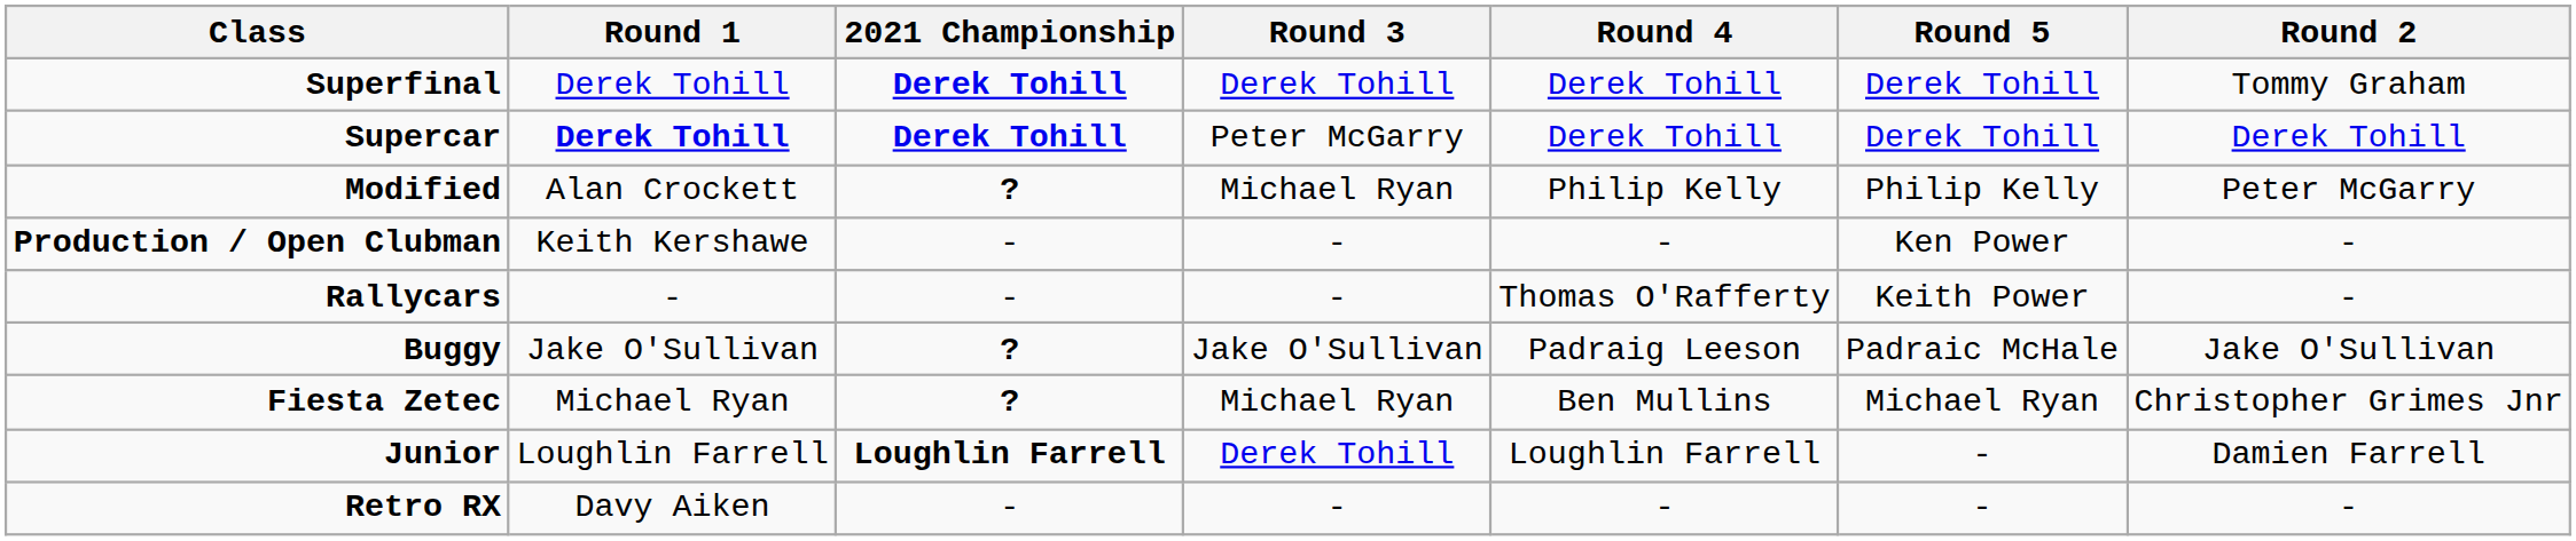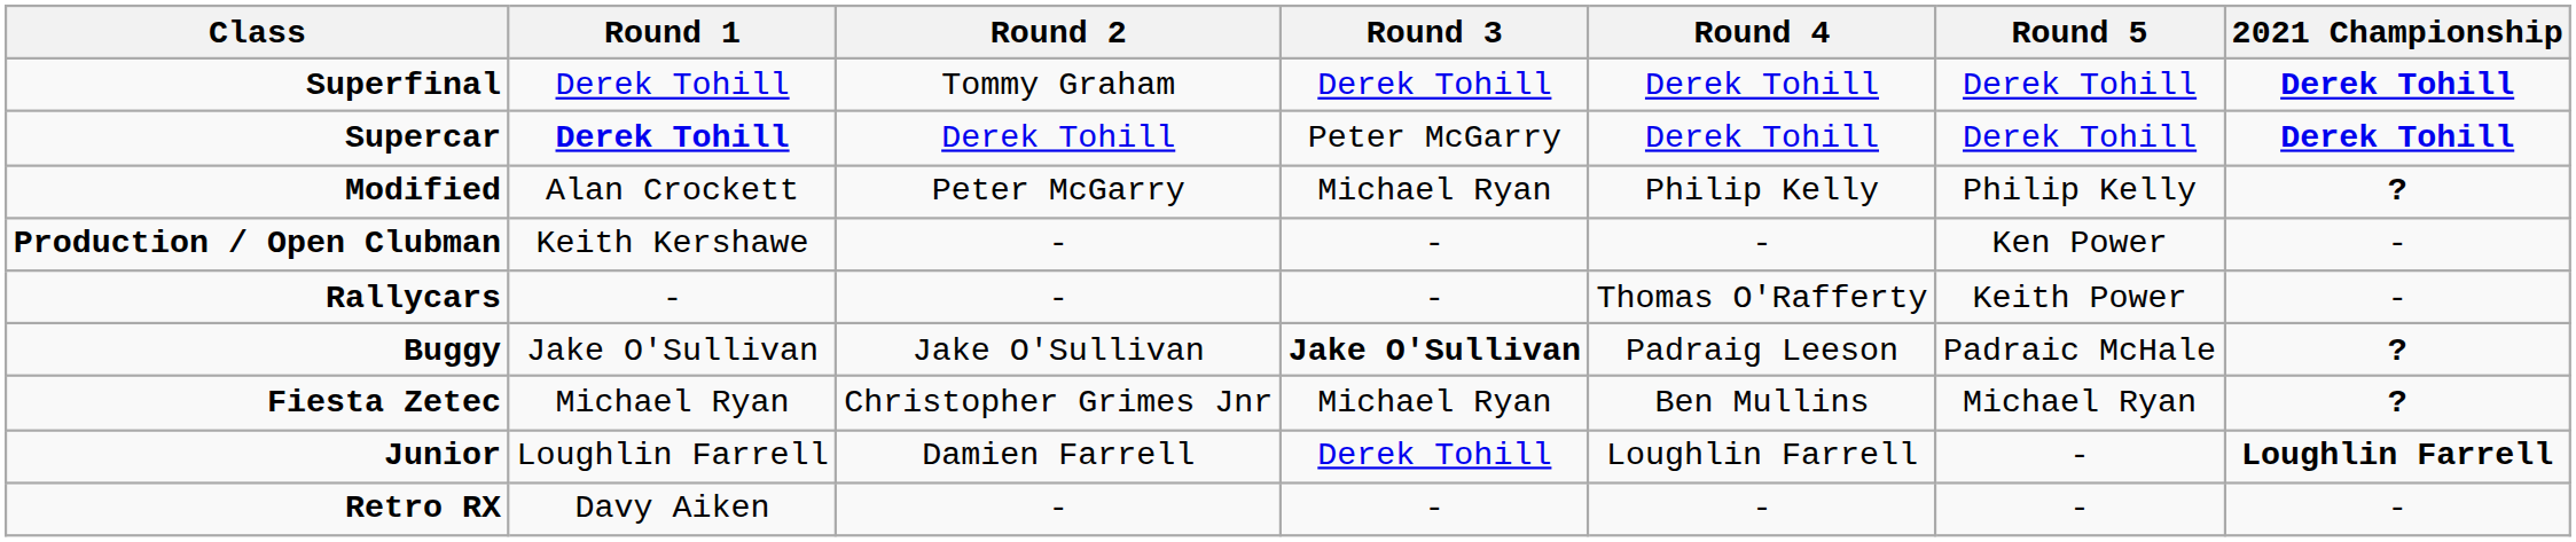 <table class="wikitable" style="text–align:centre">
 <tr>
 <th>Class</th>
 <th>Round 1</th>
-<th>2021 Championship</th>
+<th>Round 2</th>
 <th>Round 3</th>
 <th>Round 4</th>
 <th>Round 5</th>
-<th>Round 2</th>
+<th>2021 Championship</th>
 </tr>
 <tr>
 <td align="right"><strong>Superfinal</strong></td>
 <td align="center"><a href='#'>Derek Tohill</a></td>
-<td align="center"><strong><a href='#'>Derek Tohill</a></strong></td>
+<td align="center">Tommy Graham</td>
 <td align="center"><a href='#'>Derek Tohill</a></td>
 <td align="center"><a href='#'>Derek Tohill</a></td>
 <td align="center"><a href='#'>Derek Tohill</a></td>
-<td align="center">Tommy Graham</td>
+<td align="center"><strong><a href='#'>Derek Tohill</a></strong></td>
 </tr>
 <tr>
 <td align="right"><strong>Supercar</strong></td>
 <td align="center"><strong><a href='#'>Derek Tohill</a></strong></td>
-<td align="center"><strong><a href='#'>Derek Tohill</a></strong></td>
+<td align="center"><a href='#'>Derek Tohill</a></td>
 <td align="center">Peter McGarry</td>
 <td align="center"><a href='#'>Derek Tohill</a></td>
 <td align="center"><a href='#'>Derek Tohill</a></td>
-<td align="center"><a href='#'>Derek Tohill</a></td>
+<td align="center"><strong><a href='#'>Derek Tohill</a></strong></td>
 </tr>
 <tr>
 <td align="right"><strong>Modified</strong></td>
 <td align="center">Alan Crockett</td>
-<td align="center"><strong>?</strong></td>
+<td align="center">Peter McGarry</td>
 <td align="center">Michael Ryan</td>
 <td align="center">Philip Kelly</td>
 <td align="center">Philip Kelly</td>
-<td align="center">Peter McGarry</td>
+<td align="center"><strong>?</strong></td>
 </tr>
 <tr>
 <td align="right"><strong>Production / Open Clubman</strong></td>
 <td align="center">Keith Kershawe</td>
 <td align="center">-</td>
 <td align="center">-</td>
 <td align="center">-</td>
 <td align="center">Ken Power</td>
 <td align="center">-</td>
 </tr>
 <tr>
 <td align="right"><strong>Rallycars</strong></td>
 <td align="center">-</td>
 <td align="center">-</td>
 <td align="center">-</td>
 <td align="center">Thomas O'Rafferty</td>
 <td align="center">Keith Power</td>
 <td align="center">-</td>
 </tr>
 <tr>
 <td align="right"><strong>Buggy</strong></td>
 <td align="center">Jake O'Sullivan</td>
-<td align="center"><strong>?</strong></td>
 <td align="center">Jake O'Sullivan</td>
+<td align="center"><strong>Jake O'Sullivan</strong></td>
 <td align="center">Padraig Leeson</td>
 <td align="center">Padraic McHale</td>
-<td align="center">Jake O'Sullivan</td>
+<td align="center"><strong>?</strong></td>
 </tr>
 <tr>
 <td align="right"><strong>Fiesta Zetec</strong></td>
 <td align="center">Michael Ryan</td>
-<td align="center"><strong>?</strong></td>
+<td align="center">Christopher Grimes Jnr</td>
 <td align="center">Michael Ryan</td>
 <td align="center">Ben Mullins</td>
 <td align="center">Michael Ryan</td>
-<td align="center">Christopher Grimes Jnr</td>
+<td align="center"><strong>?</strong></td>
 </tr>
 <tr>
 <td align="right"><strong>Junior</strong></td>
 <td align="center">Loughlin Farrell</td>
-<td align="center"><strong>Loughlin Farrell</strong></td>
+<td align="center">Damien Farrell</td>
 <td align="center"><a href='#'>Derek Tohill</a></td>
 <td align="center">Loughlin Farrell</td>
 <td align="center">-</td>
-<td align="center">Damien Farrell</td>
+<td align="center"><strong>Loughlin Farrell</strong></td>
 </tr>
 <tr>
 <td align="right"><strong>Retro RX</strong></td>
 <td align="center">Davy Aiken</td>
 <td align="center">-</td>
 <td align="center">-</td>
 <td align="center">-</td>
 <td align="center">-</td>
 <td align="center">-</td>
 </tr>
 </table>
